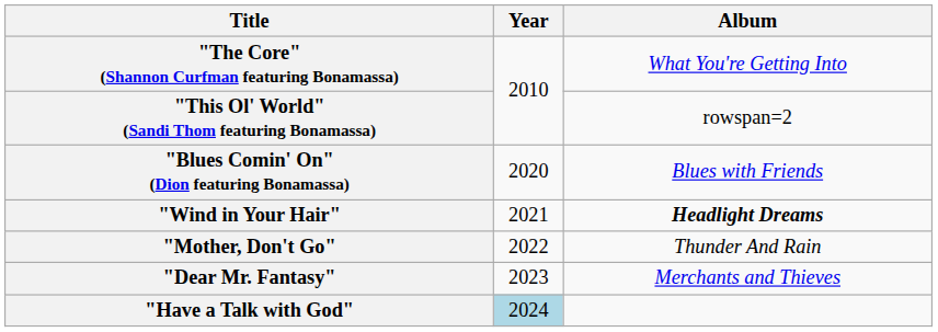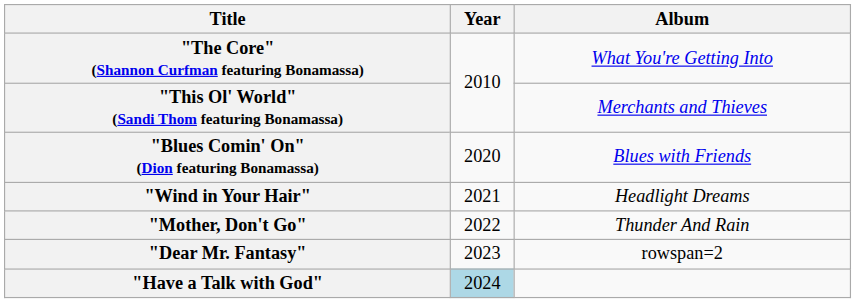 <table class="wikitable plainrowheaders" style="text-align:center;">
 <tr>
 <th scope="col" style="width:24em;">Title</th>
 <th scope="col" style="width:3em;">Year</th>
 <th scope="col" style="width:18em;">Album</th>
 </tr>
 <tr>
 <th scope="row">"The Core"<br><small>(<a href='#'>Shannon Curfman</a> featuring Bonamassa)</small></th>
 <td rowspan="2">2010</td>
 <td><em><a href='#'>What You're Getting Into</a></em></td>
 </tr>
 <tr>
 <th scope="row">"This Ol' World"<br><small>(<a href='#'>Sandi Thom</a> featuring Bonamassa)</small></th>
-<td>rowspan=2 </td>
+<td><em><a href='#'>Merchants and Thieves</a></em></td>
 </tr>
 <tr>
 <th scope="row">"Blues Comin' On"<br><small>(<a href='#'>Dion</a> featuring Bonamassa)</small></th>
 <td rowspan="1">2020</td>
 <td><em><a href='#'>Blues with Friends</a></em></td>
 </tr>
 <tr>
 <th scope="row">"Wind in Your Hair"<br> </th>
 <td>2021</td>
-<td><strong><em>Headlight Dreams</em></strong></td>
+<td><em>Headlight Dreams</em></td>
 </tr>
 <tr>
 <th scope="row">"Mother, Don't Go"<br> </th>
 <td>2022</td>
 <td><em>Thunder And Rain</em></td>
 </tr>
 <tr>
 <th scope="row">"Dear Mr. Fantasy"<br> </th>
 <td>2023</td>
-<td><em><a href='#'>Merchants and Thieves</a></em></td>
+<td>rowspan=2 </td>
 </tr>
 <tr>
 <th scope="row">"Have a Talk with God"<br> </th>
 <td style="background: lightblue;">2024</td>
 </tr>
 </table>
